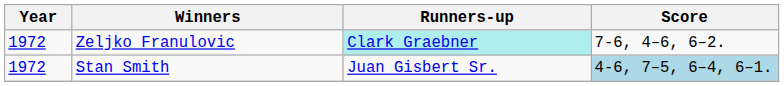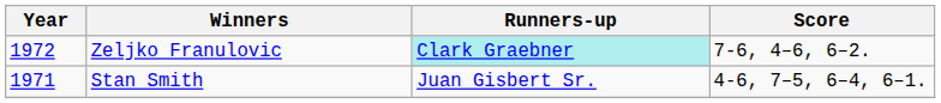 <table class="wikitable">
 <tr>
 <th style="width:50px">Year</th>
 <th style="width:220px">Winners</th>
 <th style="width:200px">Runners-up</th>
 <th style="width:150px" class="unsortable">Score</th>
 </tr>
 <tr>
 <td><a href='#'>1972</a></td>
 <td> <a href='#'>Zeljko Franulovic</a></td>
 <td style="background: paleturquoise;"> <a href='#'>Clark Graebner</a></td>
 <td>7-6, 4–6, 6–2.</td>
 </tr>
 <tr>
-<td><a href='#'>1972</a></td>
+<td><a href='#'>1971</a></td>
 <td> <a href='#'>Stan Smith</a></td>
 <td> <a href='#'>Juan Gisbert Sr.</a></td>
-<td style="background: lightblue;">4-6, 7–5, 6–4, 6–1.</td>
+<td>4-6, 7–5, 6–4, 6–1.</td>
 </tr>
 <tr>
 </tr>
 </table>
